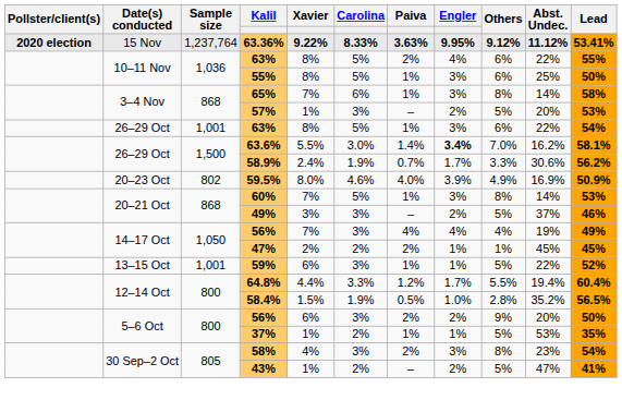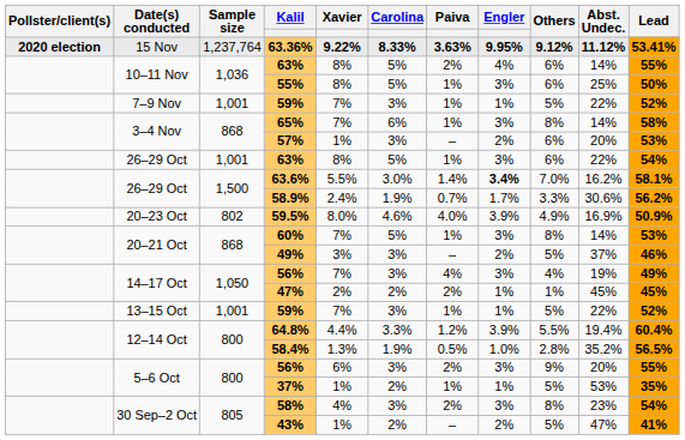 <table class="wikitable sortable" style="text-align:center;font-size:90%;line-height:14px;">
 <tr>
 <th rowspan="2">Pollster/client(s)</th>
 <th rowspan="2">Date(s)<br>conducted</th>
 <th rowspan="2" data-sort-type="number">Sample<br>size</th>
 <th class="unsortable" style="width:50px;"><a href='#'>Kalil</a><br></th>
 <th class="unsortable" style="width:50px;">Xavier<br></th>
 <th class="unsortable" style="width:50px;"><a href='#'>Carolina</a><br></th>
 <th class="unsortable" style="width:50px;">Paiva<br></th>
 <th class="unsortable" style="width:50px;"><a href='#'>Engler</a><br></th>
 <th rowspan="2" class="unsortable">Others</th>
 <th rowspan="2" class="unsortable">Abst.<br>Undec.</th>
 <th rowspan="2" data-sort-type="number">Lead</th>
 </tr>
 <tr>
 <th data-sort-type="number" class="sortable" style="background:"></th>
 <th data-sort-type="number" class="sortable" style="background:"></th>
 <th data-sort-type="number" class="sortable" style="background:"></th>
 <th data-sort-type="number" class="sortable" style="background:"></th>
 <th data-sort-type="number" class="sortable" style="background:"></th>
 </tr>
 <tr style="background:#E9E9E9;">
 <td><strong>2020 election</strong></td>
 <td>15 Nov</td>
 <td>1,237,764</td>
 <td style="background:#FFCB6B;"><strong>63.36%</strong></td>
 <td><strong>9.22%</strong></td>
 <td><strong>8.33%</strong></td>
 <td><strong>3.63%</strong></td>
 <td><strong>9.95%</strong></td>
 <td><strong>9.12%</strong></td>
 <td><strong>11.12%</strong></td>
 <td style="background:#FFA500;"><strong>53.41%</strong></td>
 </tr>
 <tr>
 <td rowspan="2"></td>
 <td rowspan="2">10–11 Nov</td>
 <td rowspan="2">1,036</td>
 <td style="background:#FFCB6B;"><strong>63%</strong></td>
 <td>8%</td>
 <td>5%</td>
 <td>2%</td>
 <td>4%</td>
 <td>6%</td>
-<td>22%</td>
+<td>14%</td>
 <td style="background:#FFA500;"><strong>55%</strong></td>
 </tr>
 <tr>
 <td style="background:#FFCB6B;"><strong>55%</strong></td>
 <td>8%</td>
 <td>5%</td>
 <td>1%</td>
 <td>3%</td>
 <td>6%</td>
 <td>25%</td>
 <td style="background:#FFA500;"><strong>50%</strong></td>
+</tr>
+<tr>
+<td></td>
+<td>7–9 Nov</td>
+<td>1,001</td>
+<td style="background:#FFCB6B;"><strong>59%</strong></td>
+<td>7%</td>
+<td>3%</td>
+<td>1%</td>
+<td>1%</td>
+<td>5%</td>
+<td>22%</td>
+<td style="background:#FFA500;"><strong>52%</strong></td>
 </tr>
 <tr>
 <td rowspan="2"></td>
 <td rowspan="2">3–4 Nov</td>
 <td rowspan="2">868</td>
 <td style="background:#FFCB6B;"><strong>65%</strong></td>
 <td>7%</td>
 <td>6%</td>
 <td>1%</td>
 <td>3%</td>
 <td>8%</td>
 <td>14%</td>
 <td style="background:#FFA500;"><strong>58%</strong></td>
 </tr>
 <tr>
 <td style="background:#FFCB6B;"><strong>57%</strong></td>
 <td>1%</td>
 <td>3%</td>
 <td>–</td>
 <td>2%</td>
-<td>5%</td>
+<td>6%</td>
 <td>20%</td>
 <td style="background:#FFA500;"><strong>53%</strong></td>
 </tr>
 <tr>
 <td></td>
 <td>26–29 Oct</td>
 <td>1,001</td>
 <td style="background:#FFCB6B;"><strong>63%</strong></td>
 <td>8%</td>
 <td>5%</td>
 <td>1%</td>
 <td>3%</td>
 <td>6%</td>
 <td>22%</td>
 <td style="background:#FFA500;"><strong>54%</strong></td>
 </tr>
 <tr>
 <td rowspan="2"></td>
 <td rowspan="2">26–29 Oct</td>
 <td rowspan="2">1,500</td>
 <td style="background:#FFCB6B;"><strong>63.6%</strong></td>
 <td>5.5%</td>
 <td>3.0%</td>
 <td>1.4%</td>
 <td><strong>3.4%</strong></td>
 <td>7.0%</td>
 <td>16.2%</td>
 <td style="background:#FFA500;"><strong>58.1%</strong></td>
 </tr>
 <tr>
 <td style="background:#FFCB6B;"><strong>58.9%</strong></td>
 <td>2.4%</td>
 <td>1.9%</td>
 <td>0.7%</td>
 <td>1.7%</td>
 <td>3.3%</td>
 <td>30.6%</td>
 <td style="background:#FFA500;"><strong>56.2%</strong></td>
 </tr>
 <tr>
 <td></td>
 <td>20–23 Oct</td>
 <td>802</td>
 <td style="background:#FFCB6B;"><strong>59.5%</strong></td>
 <td>8.0%</td>
 <td>4.6%</td>
 <td>4.0%</td>
 <td>3.9%</td>
 <td>4.9%</td>
 <td>16.9%</td>
 <td style="background:#FFA500;"><strong>50.9%</strong></td>
 </tr>
 <tr>
 <td rowspan="2"></td>
 <td rowspan="2">20–21 Oct</td>
 <td rowspan="2">868</td>
 <td style="background:#FFCB6B;"><strong>60%</strong></td>
 <td>7%</td>
 <td>5%</td>
 <td>1%</td>
 <td>3%</td>
 <td>8%</td>
 <td>14%</td>
 <td style="background:#FFA500;"><strong>53%</strong></td>
 </tr>
 <tr>
 <td style="background:#FFCB6B;"><strong>49%</strong></td>
 <td>3%</td>
 <td>3%</td>
 <td>–</td>
 <td>2%</td>
 <td>5%</td>
 <td>37%</td>
 <td style="background:#FFA500;"><strong>46%</strong></td>
 </tr>
 <tr>
 <td rowspan="2"></td>
 <td rowspan="2">14–17 Oct</td>
 <td rowspan="2">1,050</td>
 <td style="background:#FFCB6B;"><strong>56%</strong></td>
 <td>7%</td>
 <td>3%</td>
 <td>4%</td>
-<td>4%</td>
+<td>3%</td>
 <td>4%</td>
 <td>19%</td>
 <td style="background:#FFA500;"><strong>49%</strong></td>
 </tr>
 <tr>
 <td style="background:#FFCB6B;"><strong>47%</strong></td>
 <td>2%</td>
 <td>2%</td>
 <td>2%</td>
 <td>1%</td>
 <td>1%</td>
 <td>45%</td>
 <td style="background:#FFA500;"><strong>45%</strong></td>
 </tr>
 <tr>
 <td></td>
 <td>13–15 Oct</td>
 <td>1,001</td>
 <td style="background:#FFCB6B;"><strong>59%</strong></td>
-<td>6%</td>
+<td>7%</td>
 <td>3%</td>
 <td>1%</td>
 <td>1%</td>
 <td>5%</td>
 <td>22%</td>
 <td style="background:#FFA500;"><strong>52%</strong></td>
 </tr>
 <tr>
 <td rowspan="2"></td>
 <td rowspan="2">12–14 Oct</td>
 <td rowspan="2">800</td>
 <td style="background:#FFCB6B;"><strong>64.8%</strong></td>
 <td>4.4%</td>
 <td>3.3%</td>
 <td>1.2%</td>
-<td>1.7%</td>
+<td>3.9%</td>
 <td>5.5%</td>
 <td>19.4%</td>
 <td style="background:#FFA500;"><strong>60.4%</strong></td>
 </tr>
 <tr>
 <td style="background:#FFCB6B;"><strong>58.4%</strong></td>
-<td>1.5%</td>
+<td>1.3%</td>
 <td>1.9%</td>
 <td>0.5%</td>
 <td>1.0%</td>
 <td>2.8%</td>
 <td>35.2%</td>
 <td style="background:#FFA500;"><strong>56.5%</strong></td>
 </tr>
 <tr>
 <td rowspan="2"></td>
 <td rowspan="2">5–6 Oct</td>
 <td rowspan="2">800</td>
 <td style="background:#FFCB6B;"><strong>56%</strong></td>
 <td>6%</td>
 <td>3%</td>
 <td>2%</td>
-<td>2%</td>
+<td>3%</td>
 <td>9%</td>
 <td>20%</td>
-<td style="background:#FFA500;"><strong>50%</strong></td>
+<td style="background:#FFA500;"><strong>55%</strong></td>
 </tr>
 <tr>
 <td style="background:#FFCB6B;"><strong>37%</strong></td>
 <td>1%</td>
 <td>2%</td>
 <td>1%</td>
 <td>1%</td>
 <td>5%</td>
 <td>53%</td>
 <td style="background:#FFA500;"><strong>35%</strong></td>
 </tr>
 <tr>
 <td rowspan="2"></td>
 <td rowspan="2">30 Sep–2 Oct</td>
 <td rowspan="2">805</td>
 <td style="background:#FFCB6B;"><strong>58%</strong></td>
 <td>4%</td>
 <td>3%</td>
 <td>2%</td>
 <td>3%</td>
 <td>8%</td>
 <td>23%</td>
 <td style="background:#FFA500;"><strong>54%</strong></td>
 </tr>
 <tr>
 <td style="background:#FFCB6B;"><strong>43%</strong></td>
 <td>1%</td>
 <td>2%</td>
 <td>–</td>
 <td>2%</td>
 <td>5%</td>
 <td>47%</td>
 <td style="background:#FFA500;"><strong>41%</strong></td>
 </tr>
 </table>
